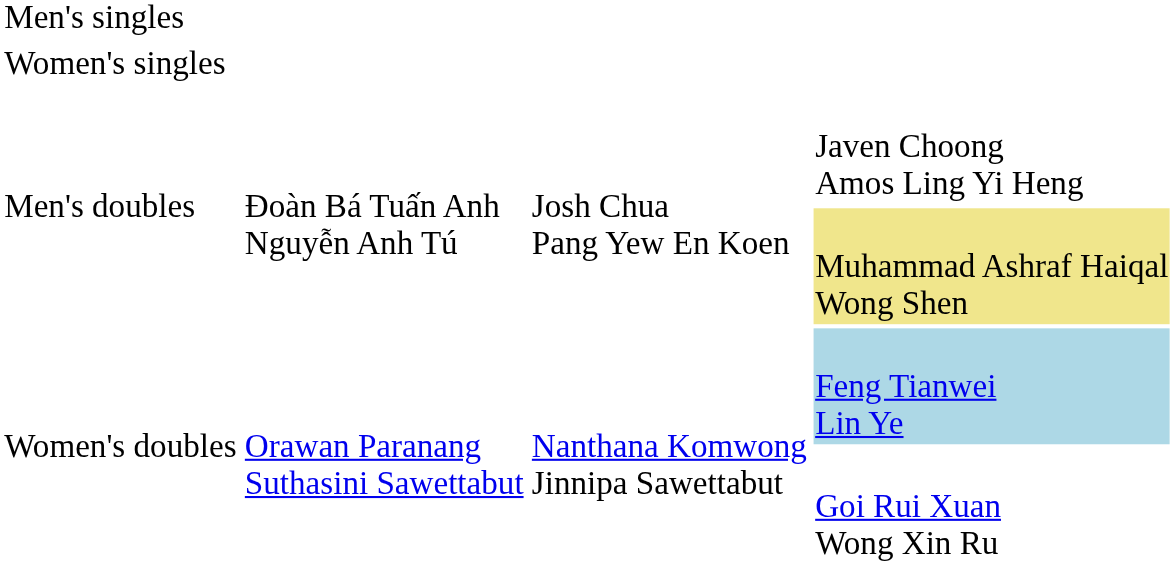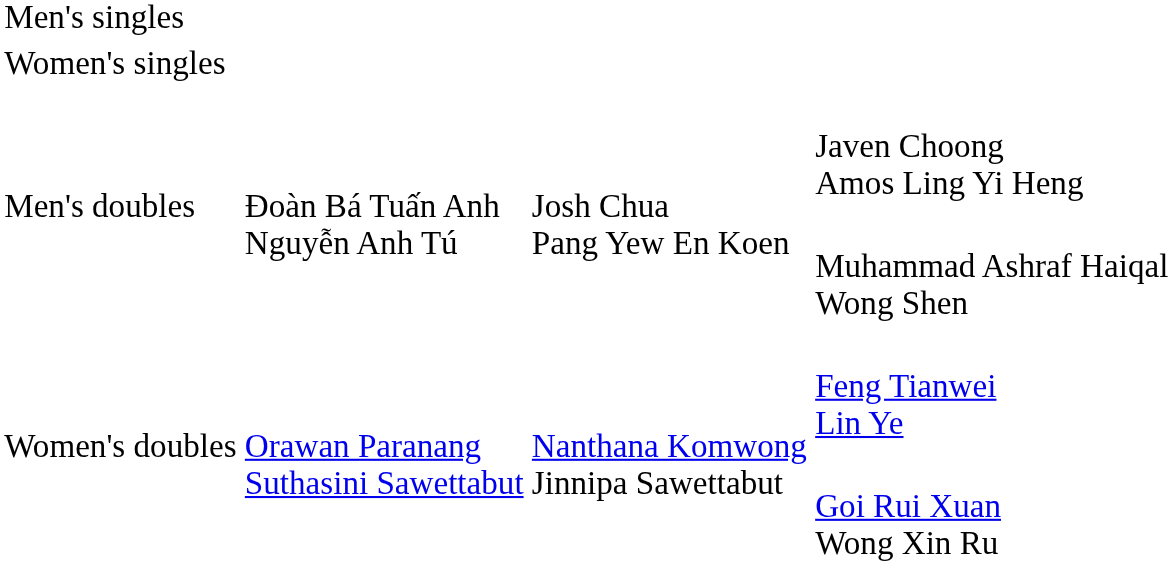 <table>
 <tr>
 <td rowspan=2>Men's singles<br></td>
 <td rowspan=2></td>
 <td rowspan=2></td>
 <td></td>
 </tr>
 <tr>
 <td></td>
 </tr>
 <tr>
 <td rowspan=2>Women's singles<br></td>
 <td rowspan=2></td>
 <td rowspan=2></td>
 <td></td>
 </tr>
 <tr>
 <td></td>
 </tr>
 <tr>
 <td rowspan=2>Men's doubles<br></td>
 <td rowspan=2><br>Đoàn Bá Tuấn Anh<br>Nguyễn Anh Tú</td>
 <td rowspan=2><br>Josh Chua<br>Pang Yew En Koen</td>
 <td><br>Javen Choong<br>Amos Ling Yi Heng</td>
 </tr>
 <tr>
-<td style="background: khaki;"><br>Muhammad Ashraf Haiqal<br>Wong Shen</td>
+<td><br>Muhammad Ashraf Haiqal<br>Wong Shen</td>
 </tr>
 <tr>
 <td rowspan=2>Women's doubles<br></td>
 <td rowspan=2><br><a href='#'>Orawan Paranang</a><br><a href='#'>Suthasini Sawettabut</a></td>
 <td rowspan=2><br><a href='#'>Nanthana Komwong</a><br>Jinnipa Sawettabut</td>
-<td style="background: lightblue;"><br><a href='#'>Feng Tianwei</a><br><a href='#'>Lin Ye</a></td>
+<td><br><a href='#'>Feng Tianwei</a><br><a href='#'>Lin Ye</a></td>
 </tr>
 <tr>
 <td><br><a href='#'>Goi Rui Xuan</a><br>Wong Xin Ru</td>
 </tr>
 <tr>
 </tr>
 </table>
